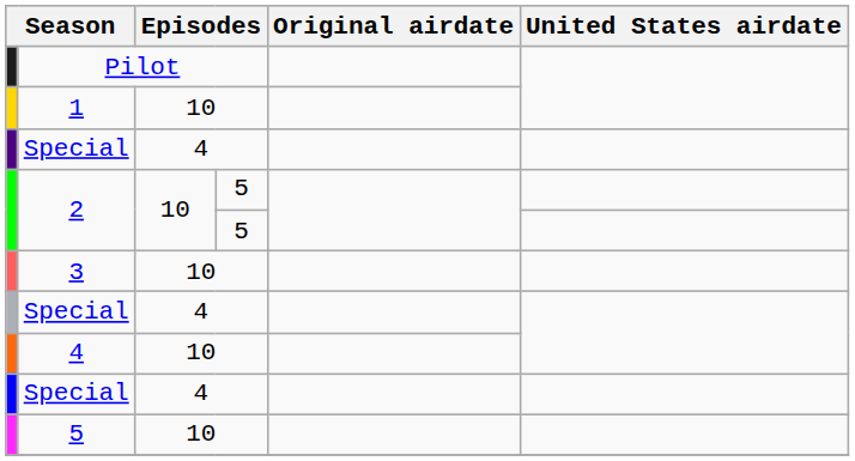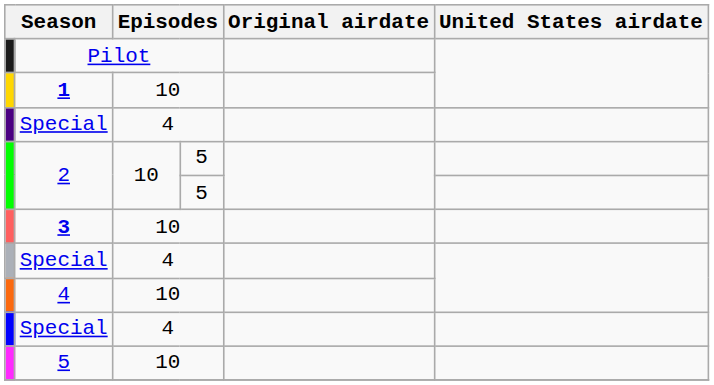 <table class="wikitable plainrowheaders" style="text-align:center;">
 <tr>
 <th scope="col" colspan="2">Season</th>
 <th scope="col" colspan="2">Episodes</th>
 <th scope="col">Original airdate</th>
 <th scope="col">United States airdate</th>
 </tr>
 <tr>
 <td scope="row" style="background:#1B1B1B;"></td>
 <td colspan="3"><a href='#'>Pilot</a></td>
 <td></td>
 <td rowspan="2"></td>
 </tr>
 <tr>
 <td scope="row" style="background:#FFD700;"></td>
-<td><a href='#'>1</a></td>
+<td><strong><a href='#'>1</a></strong></td>
 <td colspan="2">10</td>
 <td></td>
 </tr>
 <tr>
 <td scope="row" style="background:#4B0082;"></td>
 <td><a href='#'>Special</a></td>
 <td colspan="2">4</td>
 <td></td>
 <td></td>
 </tr>
 <tr>
 <td scope="row" style="background:#00FF00;" rowspan="2"></td>
 <td rowspan="2"><a href='#'>2</a></td>
 <td rowspan="2">10</td>
 <td>5</td>
 <td rowspan="2"></td>
 <td></td>
 </tr>
 <tr>
 <td>5</td>
 <td></td>
 </tr>
 <tr>
 <td scope="row" style="background:#FF5F5F;"></td>
-<td><a href='#'>3</a></td>
+<td><strong><a href='#'>3</a></strong></td>
 <td colspan="2">10</td>
 <td></td>
 <td></td>
 </tr>
 <tr>
 <td scope="row" style="background:#ABB0B8;"></td>
 <td><a href='#'>Special</a></td>
 <td colspan="2">4</td>
 <td></td>
 <td rowspan="2"></td>
 </tr>
 <tr>
 <td scope="row" style="background:#FB680D;"></td>
 <td><a href='#'>4</a></td>
 <td colspan="2">10</td>
 <td></td>
 </tr>
 <tr>
 <td scope="row" style="background:#0000FF;"></td>
 <td><a href='#'>Special</a></td>
 <td colspan="2">4</td>
 <td></td>
 <td></td>
 </tr>
 <tr>
 <td scope="row" style="background:#FF29FF;"></td>
 <td><a href='#'>5</a></td>
 <td colspan="2">10</td>
 <td></td>
 <td></td>
 </tr>
 <tr>
 </tr>
 </table>
